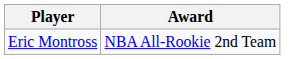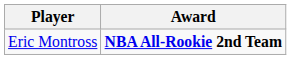 <table class="wikitable sortable sortable" style="text-align: center">
 <tr>
 <th>Player</th>
 <th>Award</th>
 </tr>
 <tr>
 <td><a href='#'>Eric Montross</a></td>
-<td><a href='#'>NBA All-Rookie</a> 2nd Team</td>
+<td><strong><a href='#'>NBA All-Rookie</a> 2nd Team</strong></td>
 </tr>
 </table>
